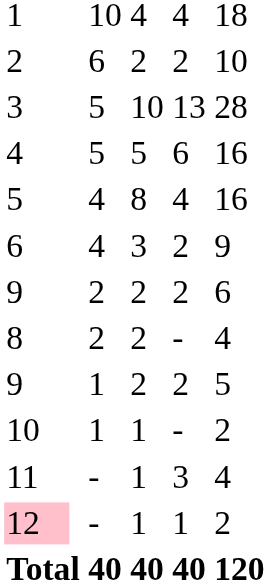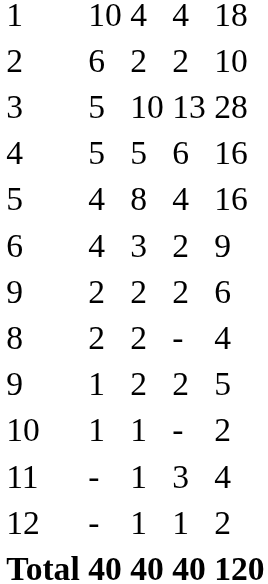 <table>
 <tr>
 <td>1</td>
 <td align=left></td>
 <td>10</td>
 <td>4</td>
 <td>4</td>
 <td>18</td>
 </tr>
 <tr>
 <td>2</td>
 <td align=left></td>
 <td>6</td>
 <td>2</td>
 <td>2</td>
 <td>10</td>
 </tr>
 <tr>
 <td>3</td>
 <td align=left></td>
 <td>5</td>
 <td>10</td>
 <td>13</td>
 <td>28</td>
 </tr>
 <tr>
 <td>4</td>
 <td align=left></td>
 <td>5</td>
 <td>5</td>
 <td>6</td>
 <td>16</td>
 </tr>
 <tr>
 <td>5</td>
 <td align=left></td>
 <td>4</td>
 <td>8</td>
 <td>4</td>
 <td>16</td>
 </tr>
 <tr>
 <td>6</td>
 <td align=left></td>
 <td>4</td>
 <td>3</td>
 <td>2</td>
 <td>9</td>
 </tr>
 <tr>
 <td>9</td>
 <td align=left></td>
 <td>2</td>
 <td>2</td>
 <td>2</td>
 <td>6</td>
 </tr>
 <tr>
 <td>8</td>
 <td align=left></td>
 <td>2</td>
 <td>2</td>
 <td>-</td>
 <td>4</td>
 </tr>
 <tr>
 <td>9</td>
 <td align=left></td>
 <td>1</td>
 <td>2</td>
 <td>2</td>
 <td>5</td>
 </tr>
 <tr>
 <td>10</td>
 <td align=left></td>
 <td>1</td>
 <td>1</td>
 <td>-</td>
 <td>2</td>
 </tr>
 <tr>
 <td>11</td>
 <td align=left></td>
 <td>-</td>
 <td>1</td>
 <td>3</td>
 <td>4</td>
 </tr>
 <tr>
-<td style="background: pink;">12</td>
+<td>12</td>
 <td align=left></td>
 <td>-</td>
 <td>1</td>
 <td>1</td>
 <td>2</td>
 </tr>
 <tr>
 <th colspan=2>Total</th>
 <th>40</th>
 <th>40</th>
 <th>40</th>
 <th>120</th>
 </tr>
 </table>
